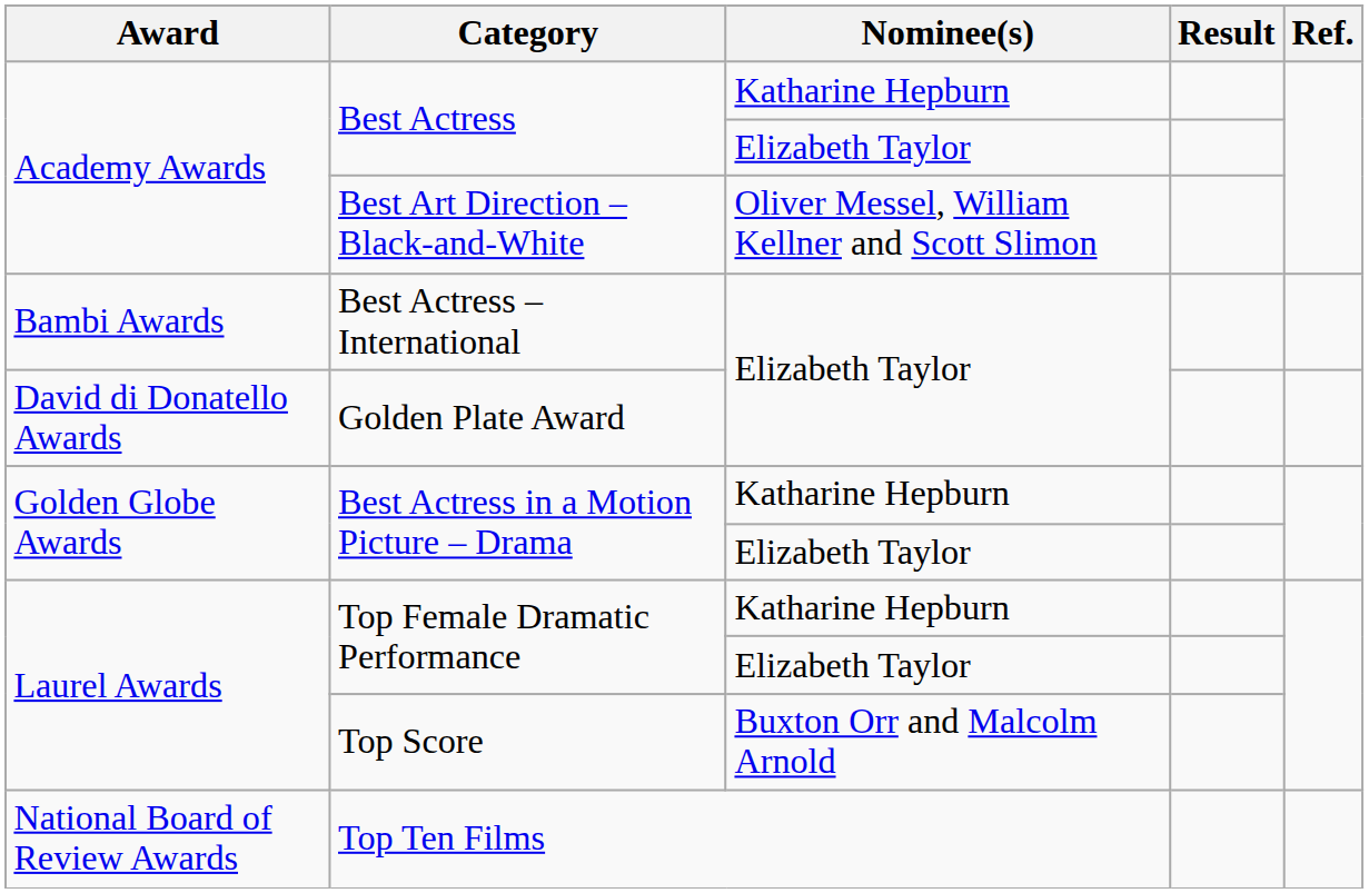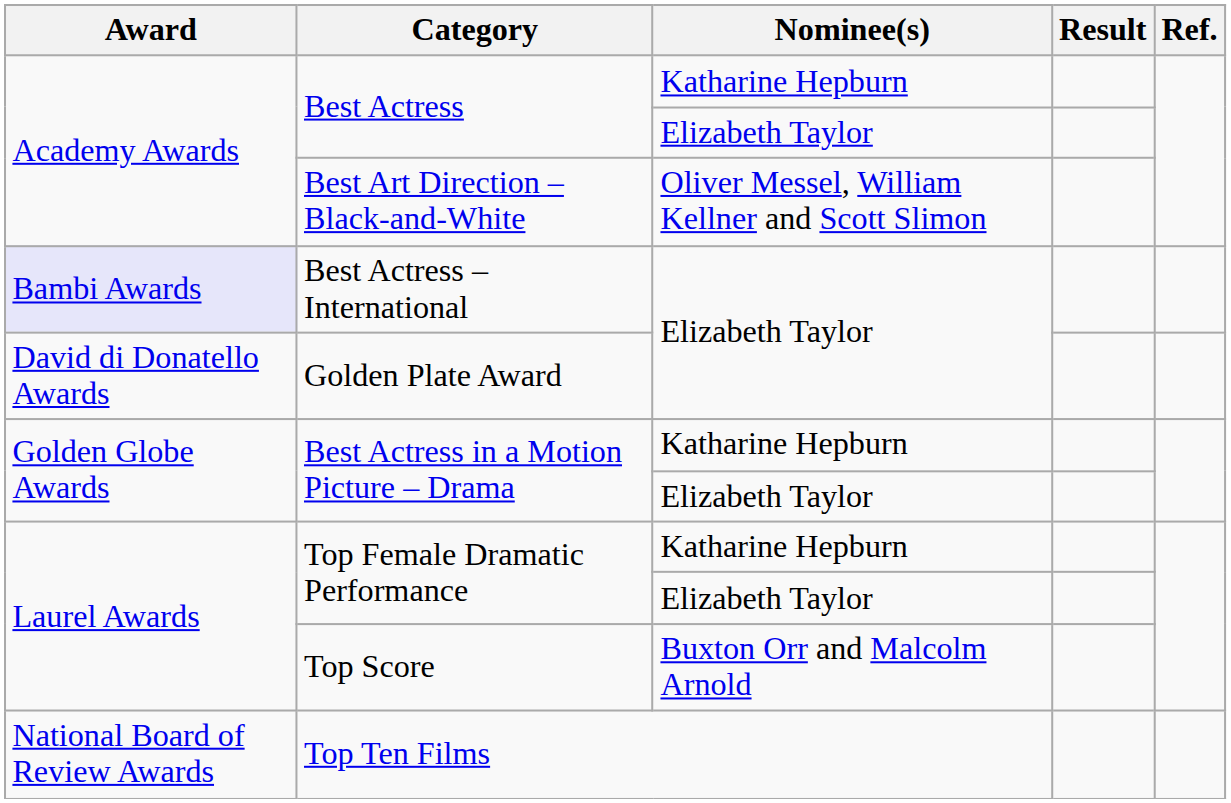 <table class="wikitable plainrowheaders">
 <tr>
 <th>Award</th>
 <th>Category</th>
 <th>Nominee(s)</th>
 <th>Result</th>
 <th>Ref.</th>
 </tr>
 <tr>
 <td rowspan="3"><a href='#'>Academy Awards</a></td>
 <td rowspan="2"><a href='#'>Best Actress</a></td>
 <td><a href='#'>Katharine Hepburn</a></td>
 <td></td>
 <td align="center" rowspan="3"></td>
 </tr>
 <tr>
 <td><a href='#'>Elizabeth Taylor</a></td>
 <td></td>
 </tr>
 <tr>
 <td><a href='#'>Best Art Direction – Black-and-White</a></td>
 <td><a href='#'>Oliver Messel</a>, <a href='#'>William Kellner</a> and <a href='#'>Scott Slimon</a></td>
 <td></td>
 </tr>
 <tr>
-<td><a href='#'>Bambi Awards</a></td>
+<td style="background: lavender;"><a href='#'>Bambi Awards</a></td>
 <td>Best Actress – International</td>
 <td rowspan="2">Elizabeth Taylor</td>
 <td></td>
 <td align="center"></td>
 </tr>
 <tr>
 <td><a href='#'>David di Donatello Awards</a></td>
 <td>Golden Plate Award</td>
 <td></td>
 <td align="center"></td>
 </tr>
 <tr>
 <td rowspan="2"><a href='#'>Golden Globe Awards</a></td>
 <td rowspan="2"><a href='#'>Best Actress in a Motion Picture – Drama</a></td>
 <td>Katharine Hepburn</td>
 <td></td>
 <td align="center" rowspan="2"></td>
 </tr>
 <tr>
 <td>Elizabeth Taylor</td>
 <td></td>
 </tr>
 <tr>
 <td rowspan="3"><a href='#'>Laurel Awards</a></td>
 <td rowspan="2">Top Female Dramatic Performance</td>
 <td>Katharine Hepburn</td>
 <td></td>
 <td align="center" rowspan="3"></td>
 </tr>
 <tr>
 <td>Elizabeth Taylor</td>
 <td></td>
 </tr>
 <tr>
 <td>Top Score</td>
 <td><a href='#'>Buxton Orr</a> and <a href='#'>Malcolm Arnold</a></td>
 <td></td>
 </tr>
 <tr>
 <td><a href='#'>National Board of Review Awards</a></td>
 <td colspan="2"><a href='#'>Top Ten Films</a></td>
 <td></td>
 <td align="center"></td>
 </tr>
 </table>
